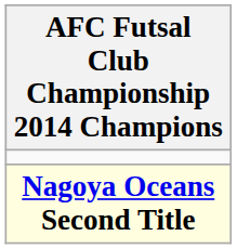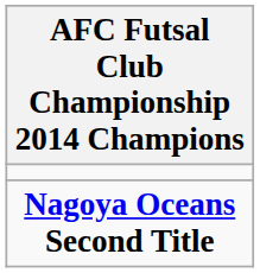 <table class="wikitable" style="text-align: center; margin: 0 auto; width: 20%">
 <tr>
 <th>AFC Futsal Club Championship <br>2014 Champions</th>
 </tr>
 <tr>
 <td></td>
 </tr>
 <tr>
-<td style="background: lightyellow;"><strong><a href='#'>Nagoya Oceans</a></strong><br><strong>Second Title</strong></td>
+<td><strong><a href='#'>Nagoya Oceans</a></strong><br><strong>Second Title</strong></td>
 </tr>
 </table>
